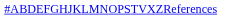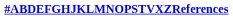 <table id="toc" class="toc" summary="Class">
 <tr>
 <th></th>
 </tr>
 <tr>
-<td style="text-align:center;"><a href='#'>#</a><a href='#'>A</a><a href='#'>B</a><a href='#'>D</a><a href='#'>E</a><a href='#'>F</a><a href='#'>G</a><a href='#'>H</a><a href='#'>J</a><a href='#'>K</a><a href='#'>L</a><a href='#'>M</a><a href='#'>N</a><a href='#'>O</a><a href='#'>P</a><a href='#'>S</a><a href='#'>T</a><a href='#'>V</a><a href='#'>X</a><a href='#'>Z</a><a href='#'>References</a></td>
+<td style="text-align:center;"><strong><a href='#'>#</a><a href='#'>A</a><a href='#'>B</a><a href='#'>D</a><a href='#'>E</a><a href='#'>F</a><a href='#'>G</a><a href='#'>H</a><a href='#'>J</a><a href='#'>K</a><a href='#'>L</a><a href='#'>M</a><a href='#'>N</a><a href='#'>O</a><a href='#'>P</a><a href='#'>S</a><a href='#'>T</a><a href='#'>V</a><a href='#'>X</a><a href='#'>Z</a><a href='#'>References</a></strong></td>
 </tr>
 </table>
